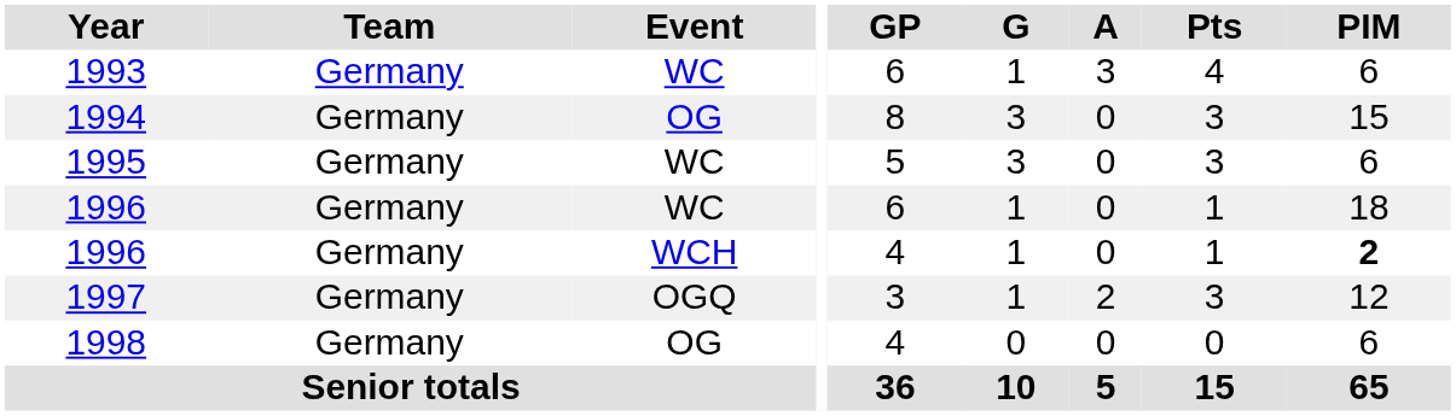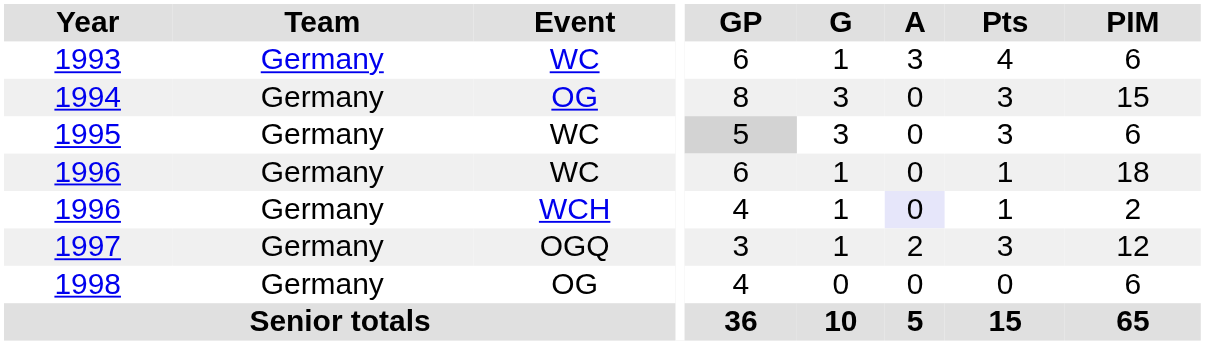 <table border="0" cellpadding="1" cellspacing="0" ID="Table3" style="text-align:center; width:40em">
 <tr ALIGN="center" bgcolor="#e0e0e0">
 <th>Year</th>
 <th>Team</th>
 <th>Event</th>
 <th rowspan="99" bgcolor="#ffffff"></th>
 <th>GP</th>
 <th>G</th>
 <th>A</th>
 <th>Pts</th>
 <th>PIM</th>
 </tr>
 <tr>
 <td><a href='#'>1993</a></td>
 <td><a href='#'>Germany</a></td>
 <td><a href='#'>WC</a></td>
 <td>6</td>
 <td>1</td>
 <td>3</td>
 <td>4</td>
 <td>6</td>
 </tr>
 <tr bgcolor="#f0f0f0">
 <td><a href='#'>1994</a></td>
 <td>Germany</td>
 <td><a href='#'>OG</a></td>
 <td>8</td>
 <td>3</td>
 <td>0</td>
 <td>3</td>
 <td>15</td>
 </tr>
 <tr>
 <td><a href='#'>1995</a></td>
 <td>Germany</td>
 <td>WC</td>
-<td>5</td>
+<td style="background: lightgrey;">5</td>
 <td>3</td>
 <td>0</td>
 <td>3</td>
 <td>6</td>
 </tr>
 <tr bgcolor="#f0f0f0">
 <td><a href='#'>1996</a></td>
 <td>Germany</td>
 <td>WC</td>
 <td>6</td>
 <td>1</td>
 <td>0</td>
 <td>1</td>
 <td>18</td>
 </tr>
 <tr>
 <td><a href='#'>1996</a></td>
 <td>Germany</td>
 <td><a href='#'>WCH</a></td>
 <td>4</td>
 <td>1</td>
-<td>0</td>
+<td style="background: lavender;">0</td>
 <td>1</td>
-<td><strong>2</strong></td>
+<td>2</td>
 </tr>
 <tr bgcolor="#f0f0f0">
 <td><a href='#'>1997</a></td>
 <td>Germany</td>
 <td>OGQ</td>
 <td>3</td>
 <td>1</td>
 <td>2</td>
 <td>3</td>
 <td>12</td>
 </tr>
 <tr>
 <td><a href='#'>1998</a></td>
 <td>Germany</td>
 <td>OG</td>
 <td>4</td>
 <td>0</td>
 <td>0</td>
 <td>0</td>
 <td>6</td>
 </tr>
 <tr bgcolor="#e0e0e0">
 <th colspan="3">Senior totals</th>
 <th>36</th>
 <th>10</th>
 <th>5</th>
 <th>15</th>
 <th>65</th>
 </tr>
 </table>
